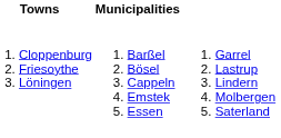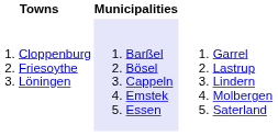 <table>
 <tr>
 <th>Towns</th>
 <th>Municipalities</th>
 </tr>
 <tr valign=top>
 <td><br><ol><li><a href='#'>Cloppenburg</a></li><li><a href='#'>Friesoythe</a></li><li><a href='#'>Löningen</a></li></ol></td>
-<td><br><ol><li><a href='#'>Barßel</a></li><li><a href='#'>Bösel</a></li><li><a href='#'>Cappeln</a></li><li><a href='#'>Emstek</a></li><li><a href='#'>Essen</a></li></ol></td>
+<td style="background: lavender;"><br><ol><li><a href='#'>Barßel</a></li><li><a href='#'>Bösel</a></li><li><a href='#'>Cappeln</a></li><li><a href='#'>Emstek</a></li><li><a href='#'>Essen</a></li></ol></td>
 <td><br><ol> <li><a href='#'>Garrel</a> <li><a href='#'>Lastrup</a> <li><a href='#'>Lindern</a> <li><a href='#'>Molbergen</a> <li><a href='#'>Saterland</a> </ol></td>
 </tr>
 </table>
